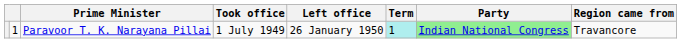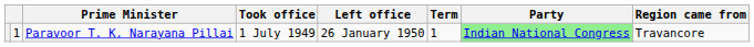 <table class="wikitable">
 <tr>
 <th colspan=2></th>
 <th>Prime Minister</th>
 <th>Took office</th>
 <th>Left office</th>
 <th>Term</th>
 <th>Party</th>
 <th>Region came from</th>
 </tr>
 <tr>
 <th style="background-color: "></th>
 <td>1</td>
 <td><a href='#'>Paravoor T. K. Narayana Pillai</a></td>
 <td>1 July 1949</td>
 <td>26 January 1950</td>
-<td style="background: paleturquoise;">1</td>
+<td>1</td>
 <td style="background: lightgreen;"><a href='#'>Indian National Congress</a></td>
 <td>Travancore</td>
 </tr>
 </table>
